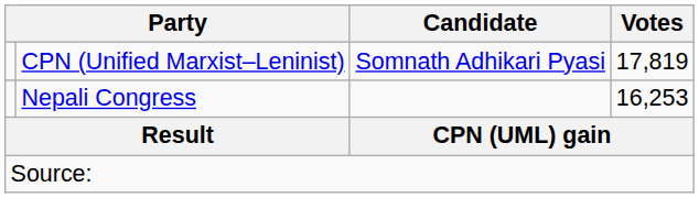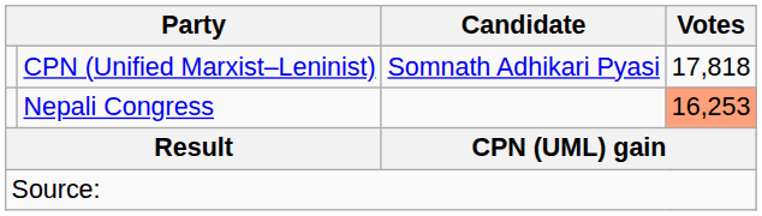 <table class="wikitable">
 <tr>
 <th colspan="2">Party</th>
 <th>Candidate</th>
 <th>Votes</th>
 </tr>
 <tr>
 <td style="background-color:"></td>
 <td><a href='#'>CPN (Unified Marxist–Leninist)</a></td>
 <td><a href='#'>Somnath Adhikari Pyasi</a></td>
-<td>17,819</td>
+<td>17,818</td>
 </tr>
 <tr>
 <td style="background-color:"></td>
 <td><a href='#'>Nepali Congress</a></td>
 <td></td>
-<td>16,253</td>
+<td style="background: lightsalmon;">16,253</td>
 </tr>
 <tr>
 <th colspan="2">Result</th>
 <th colspan="2">CPN (UML) gain</th>
 </tr>
 <tr>
 <td colspan="4">Source: </td>
 </tr>
 </table>
